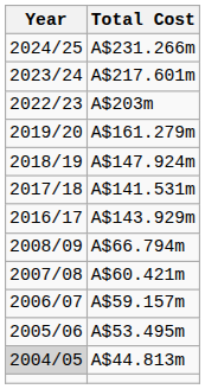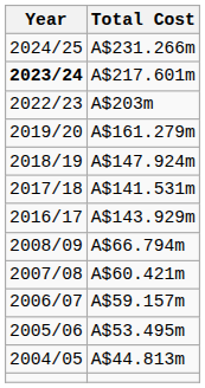 <table border="1" cellspacing="0" cellpadding="5" style="border-collapse:collapse;" class="wikitable">
 <tr>
 <th>Year</th>
 <th>Total Cost</th>
 </tr>
 <tr>
 <td>2024/25</td>
 <td>A$231.266m </td>
 </tr>
 <tr>
-<td>2023/24</td>
+<td><strong>2023/24</strong></td>
 <td>A$217.601m </td>
 </tr>
 <tr>
 <td>2022/23</td>
 <td>A$203m </td>
 </tr>
 <tr>
 <td>2019/20</td>
 <td>A$161.279m </td>
 </tr>
 <tr>
 <td>2018/19</td>
 <td>A$147.924m </td>
 </tr>
 <tr>
 <td>2017/18</td>
 <td>A$141.531m </td>
 </tr>
 <tr>
 <td>2016/17</td>
 <td>A$143.929m</td>
 </tr>
 <tr>
 <td>2008/09</td>
 <td>A$66.794m </td>
 </tr>
 <tr>
 <td>2007/08</td>
 <td>A$60.421m </td>
 </tr>
 <tr>
 <td>2006/07</td>
 <td>A$59.157m </td>
 </tr>
 <tr>
 <td>2005/06</td>
 <td>A$53.495m </td>
 </tr>
 <tr>
-<td style="background: lightgrey;">2004/05</td>
+<td>2004/05</td>
 <td>A$44.813m </td>
 </tr>
 <tr>
 <td></td>
 <td></td>
 </tr>
 </table>
